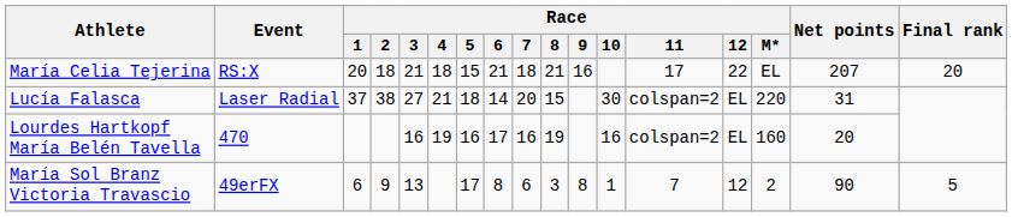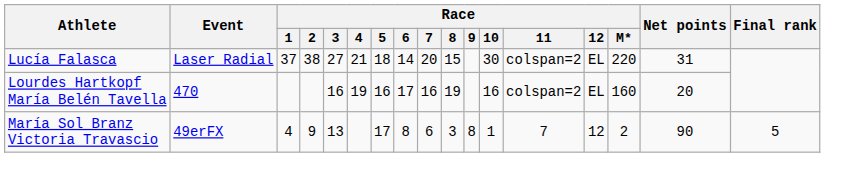 <table class="wikitable" style="font-size:90%">
 <tr>
 <th rowspan="2">Athlete</th>
 <th rowspan="2">Event</th>
 <th colspan=13>Race</th>
 <th rowspan=2>Net points</th>
 <th rowspan=2>Final rank</th>
 </tr>
 <tr style="font-size:95%">
 <th>1</th>
 <th>2</th>
 <th>3</th>
 <th>4</th>
 <th>5</th>
 <th>6</th>
 <th>7</th>
 <th>8</th>
 <th>9</th>
 <th>10</th>
 <th>11</th>
 <th>12</th>
 <th>M*</th>
-</tr>
-<tr align=center>
-<td align=left><a href='#'>María Celia Tejerina</a></td>
-<td align=left><a href='#'>RS:X</a></td>
-<td>20</td>
-<td>18</td>
-<td>21</td>
-<td>18</td>
-<td>15</td>
-<td>21</td>
-<td>18</td>
-<td>21</td>
-<td>16</td>
-<td></td>
-<td>17</td>
-<td>22</td>
-<td>EL</td>
-<td>207</td>
-<td>20</td>
 </tr>
 <tr align=center>
 <td align=left><a href='#'>Lucía Falasca</a></td>
 <td align=left><a href='#'>Laser Radial</a></td>
 <td>37</td>
 <td>38</td>
 <td>27</td>
 <td>21</td>
 <td>18</td>
 <td>14</td>
 <td>20</td>
 <td>15</td>
 <td></td>
 <td>30</td>
 <td>colspan=2 </td>
 <td>EL</td>
 <td>220</td>
 <td>31</td>
 </tr>
 <tr align=center>
 <td align=left><a href='#'>Lourdes Hartkopf</a><br><a href='#'>María Belén Tavella</a></td>
 <td align=left><a href='#'>470</a></td>
 <td></td>
 <td></td>
 <td>16</td>
 <td>19</td>
 <td>16</td>
 <td>17</td>
 <td>16</td>
 <td>19</td>
 <td></td>
 <td>16</td>
 <td>colspan=2 </td>
 <td>EL</td>
 <td>160</td>
 <td>20</td>
 </tr>
 <tr align=center>
 <td align=left><a href='#'>María Sol Branz</a><br><a href='#'>Victoria Travascio</a></td>
 <td align=left><a href='#'>49erFX</a></td>
-<td>6</td>
+<td>4</td>
 <td>9</td>
 <td>13</td>
 <td></td>
 <td>17</td>
 <td>8</td>
 <td>6</td>
 <td>3</td>
 <td>8</td>
 <td>1</td>
 <td>7</td>
 <td>12</td>
 <td>2</td>
 <td>90</td>
 <td>5</td>
 </tr>
 </table>
